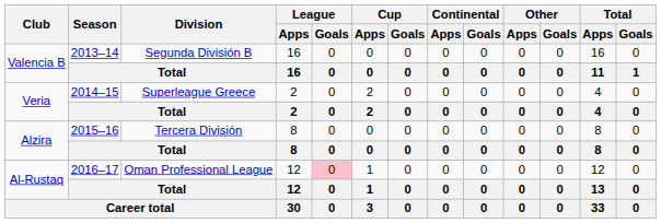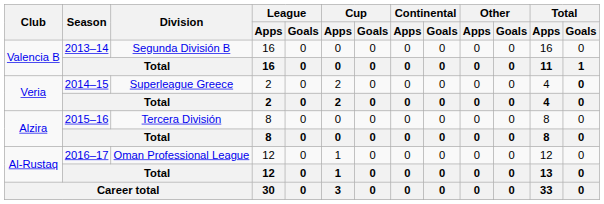 <table class="wikitable" style="text-align: center;">
 <tr>
 <th rowspan="2">Club</th>
 <th rowspan="2">Season</th>
 <th rowspan="2">Division</th>
 <th colspan="2">League</th>
 <th colspan="2">Cup</th>
 <th colspan="2">Continental</th>
 <th colspan="2">Other</th>
 <th colspan="2">Total</th>
 </tr>
 <tr>
 <th>Apps</th>
 <th>Goals</th>
 <th>Apps</th>
 <th>Goals</th>
 <th>Apps</th>
 <th>Goals</th>
 <th>Apps</th>
 <th>Goals</th>
 <th>Apps</th>
 <th>Goals</th>
 </tr>
 <tr>
 <td rowspan="2"><a href='#'>Valencia B</a></td>
 <td><a href='#'>2013–14</a></td>
 <td rowspan="1"><a href='#'>Segunda División B</a></td>
 <td>16</td>
 <td>0</td>
 <td>0</td>
 <td>0</td>
 <td>0</td>
 <td>0</td>
 <td>0</td>
 <td>0</td>
 <td>16</td>
 <td>0</td>
 </tr>
 <tr>
 <th colspan="2">Total</th>
 <th>16</th>
 <th>0</th>
 <th>0</th>
 <th>0</th>
 <th>0</th>
 <th>0</th>
 <th>0</th>
 <th>0</th>
 <th>11</th>
 <th>1</th>
 </tr>
 <tr>
 <td rowspan="2"><a href='#'>Veria</a></td>
 <td><a href='#'>2014–15</a></td>
 <td rowspan="1"><a href='#'>Superleague Greece</a></td>
 <td>2</td>
 <td>0</td>
 <td>2</td>
 <td>0</td>
 <td>0</td>
 <td>0</td>
 <td>0</td>
 <td>0</td>
 <td>4</td>
-<td>0</td>
+<td><strong>0</strong></td>
 </tr>
 <tr>
 <th colspan="2">Total</th>
 <th>2</th>
 <th>0</th>
 <th>2</th>
 <th>0</th>
 <th>0</th>
 <th>0</th>
 <th>0</th>
 <th>0</th>
 <th>4</th>
 <th>0</th>
 </tr>
 <tr>
 <td rowspan="2"><a href='#'>Alzira</a></td>
 <td><a href='#'>2015–16</a></td>
 <td rowspan="1"><a href='#'>Tercera División</a></td>
 <td>8</td>
 <td>0</td>
 <td>0</td>
 <td>0</td>
 <td>0</td>
 <td>0</td>
 <td>0</td>
 <td>0</td>
 <td>8</td>
 <td>0</td>
 </tr>
 <tr>
 <th colspan="2">Total</th>
 <th>8</th>
 <th>0</th>
 <th>0</th>
 <th>0</th>
 <th>0</th>
 <th>0</th>
 <th>0</th>
 <th>0</th>
 <th>8</th>
 <th>0</th>
 </tr>
 <tr>
 <td rowspan="2"><a href='#'>Al-Rustaq</a></td>
 <td><a href='#'>2016–17</a></td>
 <td rowspan="1"><a href='#'>Oman Professional League</a></td>
 <td>12</td>
-<td style="background: pink;">0</td>
+<td>0</td>
 <td>1</td>
 <td>0</td>
 <td>0</td>
 <td>0</td>
 <td>0</td>
 <td>0</td>
 <td>12</td>
 <td>0</td>
 </tr>
 <tr>
 <th colspan="2">Total</th>
 <th>12</th>
 <th>0</th>
 <th>1</th>
 <th>0</th>
 <th>0</th>
 <th>0</th>
 <th>0</th>
 <th>0</th>
 <th>13</th>
 <th>0</th>
 </tr>
 <tr>
 <th colspan="3">Career total</th>
 <th>30</th>
 <th>0</th>
 <th>3</th>
 <th>0</th>
 <th>0</th>
 <th>0</th>
 <th>0</th>
 <th>0</th>
 <th>33</th>
 <th>0</th>
 </tr>
 </table>
